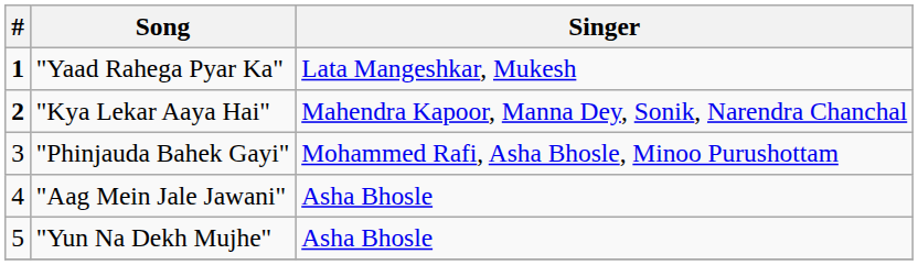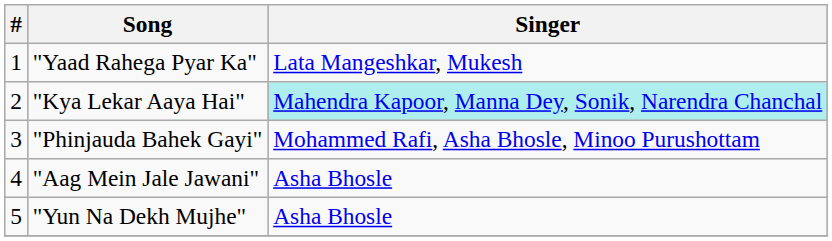 <table class="wikitable" style="font-size:95%;">
 <tr>
 <th>#</th>
 <th>Song</th>
 <th>Singer</th>
 </tr>
 <tr>
-<td><strong>1</strong></td>
+<td>1</td>
 <td>"Yaad Rahega Pyar Ka"</td>
 <td><a href='#'>Lata Mangeshkar</a>, <a href='#'>Mukesh</a></td>
 </tr>
 <tr>
-<td><strong>2</strong></td>
+<td>2</td>
 <td>"Kya Lekar Aaya Hai"</td>
-<td><a href='#'>Mahendra Kapoor</a>, <a href='#'>Manna Dey</a>, <a href='#'>Sonik</a>, <a href='#'>Narendra Chanchal</a></td>
+<td style="background: paleturquoise;"><a href='#'>Mahendra Kapoor</a>, <a href='#'>Manna Dey</a>, <a href='#'>Sonik</a>, <a href='#'>Narendra Chanchal</a></td>
 </tr>
 <tr>
 <td>3</td>
 <td>"Phinjauda Bahek Gayi"</td>
 <td><a href='#'>Mohammed Rafi</a>, <a href='#'>Asha Bhosle</a>, <a href='#'>Minoo Purushottam</a></td>
 </tr>
 <tr>
 <td>4</td>
 <td>"Aag Mein Jale Jawani"</td>
 <td><a href='#'>Asha Bhosle</a></td>
 </tr>
 <tr>
 <td>5</td>
 <td>"Yun Na Dekh Mujhe"</td>
 <td><a href='#'>Asha Bhosle</a></td>
 </tr>
 <tr>
 </tr>
 </table>
